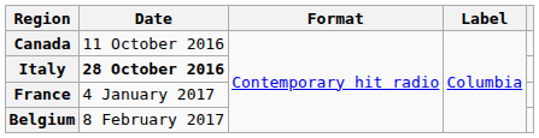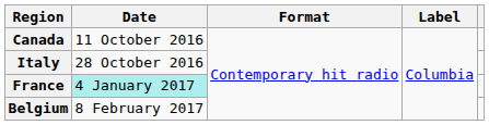 <table class="wikitable sortable plainrowheaders">
 <tr>
 <th scope="col">Region</th>
 <th scope="col">Date</th>
 <th scope="col">Format</th>
 <th scope="col">Label</th>
 <th scope="col" class="unsortable"></th>
 </tr>
 <tr>
 <th scope="row">Canada</th>
 <td>11 October 2016</td>
 <td rowspan="4"><a href='#'>Contemporary hit radio</a></td>
 <td rowspan="4"><a href='#'>Columbia</a></td>
 <td></td>
 </tr>
 <tr>
 <th scope="row">Italy</th>
-<td><strong>28 October 2016</strong></td>
+<td>28 October 2016</td>
 <td></td>
 </tr>
 <tr>
 <th scope="row">France</th>
-<td>4 January 2017</td>
+<td style="background: paleturquoise;">4 January 2017</td>
 <td></td>
 </tr>
 <tr>
 <th scope="row">Belgium</th>
 <td>8 February 2017</td>
 <td></td>
 </tr>
 </table>
